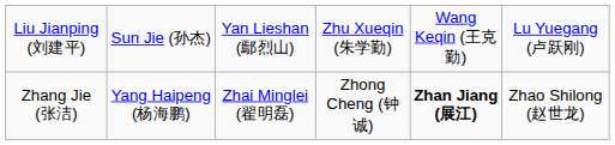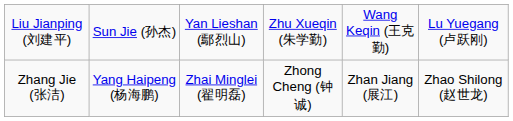 <table class="wikitable">
 <tr align="center">
 <td><a href='#'>Liu Jianping</a> (刘建平)</td>
 <td><a href='#'>Sun Jie</a> (孙杰)</td>
 <td><a href='#'>Yan Lieshan</a> (鄢烈山)</td>
 <td><a href='#'>Zhu Xueqin</a> (朱学勤)</td>
 <td><a href='#'>Wang Keqin</a> (王克勤)</td>
 <td><a href='#'>Lu Yuegang</a> (卢跃刚)</td>
 </tr>
 <tr align="center">
 <td>Zhang Jie (张洁)</td>
 <td><a href='#'>Yang Haipeng</a> (杨海鹏)</td>
 <td><a href='#'>Zhai Minglei</a> (翟明磊)</td>
 <td>Zhong Cheng (钟诚)</td>
-<td><strong>Zhan Jiang (展江)</strong></td>
+<td>Zhan Jiang (展江)</td>
 <td>Zhao Shilong (赵世龙)</td>
 </tr>
 </table>
